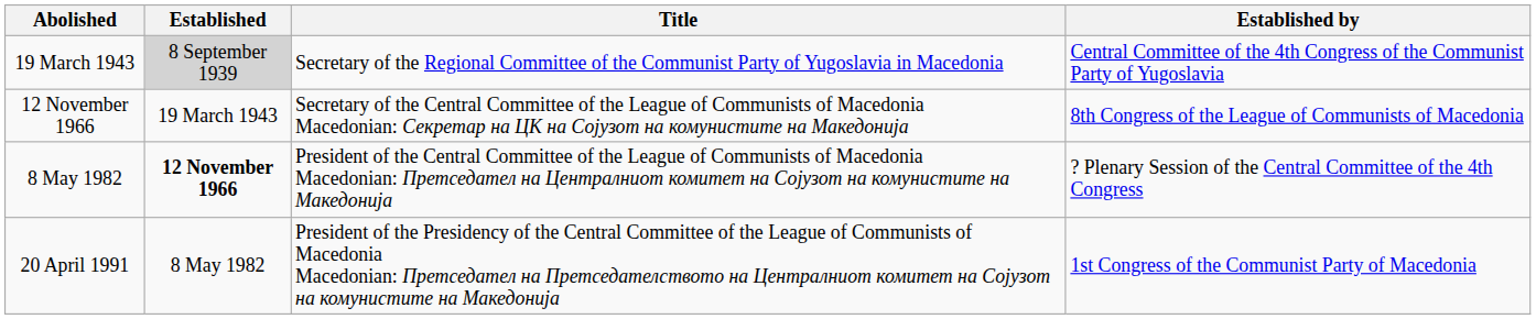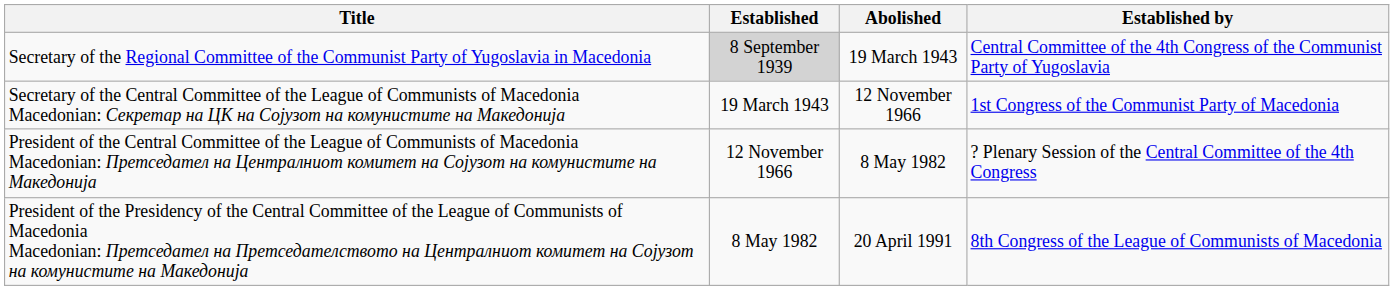 <table class="wikitable sortable">
 <tr>
+<th scope=col>Title</th>
+<th scope=col>Established</th>
 <th scope=col>Abolished</th>
-<th scope=col>Established</th>
-<th scope=col>Title</th>
 <th scope=col>Established by</th>
 </tr>
 <tr>
+<td>Secretary of the <a href='#'>Regional Committee of the Communist Party of Yugoslavia in Macedonia</a><br></td>
+<td align="center" style="background: lightgrey;">8 September 1939</td>
 <td align="center">19 March 1943</td>
-<td align="center" style="background: lightgrey;">8 September 1939</td>
-<td>Secretary of the <a href='#'>Regional Committee of the Communist Party of Yugoslavia in Macedonia</a><br></td>
 <td><a href='#'>Central Committee of the 4th Congress of the Communist Party of Yugoslavia</a></td>
 </tr>
 <tr>
+<td>Secretary of the Central Committee of the League of Communists of Macedonia<br>Macedonian: <em>Секретар на ЦК на Сојузот на комунистите на Македонија</em></td>
+<td align="center">19 March 1943</td>
 <td align="center">12 November 1966</td>
-<td align="center">19 March 1943</td>
-<td>Secretary of the Central Committee of the League of Communists of Macedonia<br>Macedonian: <em>Секретар на ЦК на Сојузот на комунистите на Македонија</em></td>
-<td><a href='#'>8th Congress of the League of Communists of Macedonia</a></td>
+<td><a href='#'>1st Congress of the Communist Party of Macedonia</a></td>
 </tr>
 <tr>
+<td>President of the Central Committee of the League of Communists of Macedonia<br>Macedonian: <em>Претседател на Централниот комитет на Сојузот на комунистите на Македонија</em></td>
+<td align="center">12 November 1966</td>
 <td align="center">8 May 1982</td>
-<td align="center"><strong>12 November 1966</strong></td>
-<td>President of the Central Committee of the League of Communists of Macedonia<br>Macedonian: <em>Претседател на Централниот комитет на Сојузот на комунистите на Македонија</em></td>
 <td>? Plenary Session of the <a href='#'>Central Committee of the 4th Congress</a></td>
 </tr>
 <tr>
+<td>President of the Presidency of the Central Committee of the League of Communists of Macedonia<br>Macedonian: <em>Претседател на Претседателството на Централниот комитет на Сојузот на комунистите на Македонија</em></td>
+<td align="center">8 May 1982</td>
 <td align="center">20 April 1991</td>
-<td align="center">8 May 1982</td>
-<td>President of the Presidency of the Central Committee of the League of Communists of Macedonia<br>Macedonian: <em>Претседател на Претседателството на Централниот комитет на Сојузот на комунистите на Македонија</em></td>
-<td><a href='#'>1st Congress of the Communist Party of Macedonia</a></td>
+<td><a href='#'>8th Congress of the League of Communists of Macedonia</a></td>
 </tr>
 </table>
